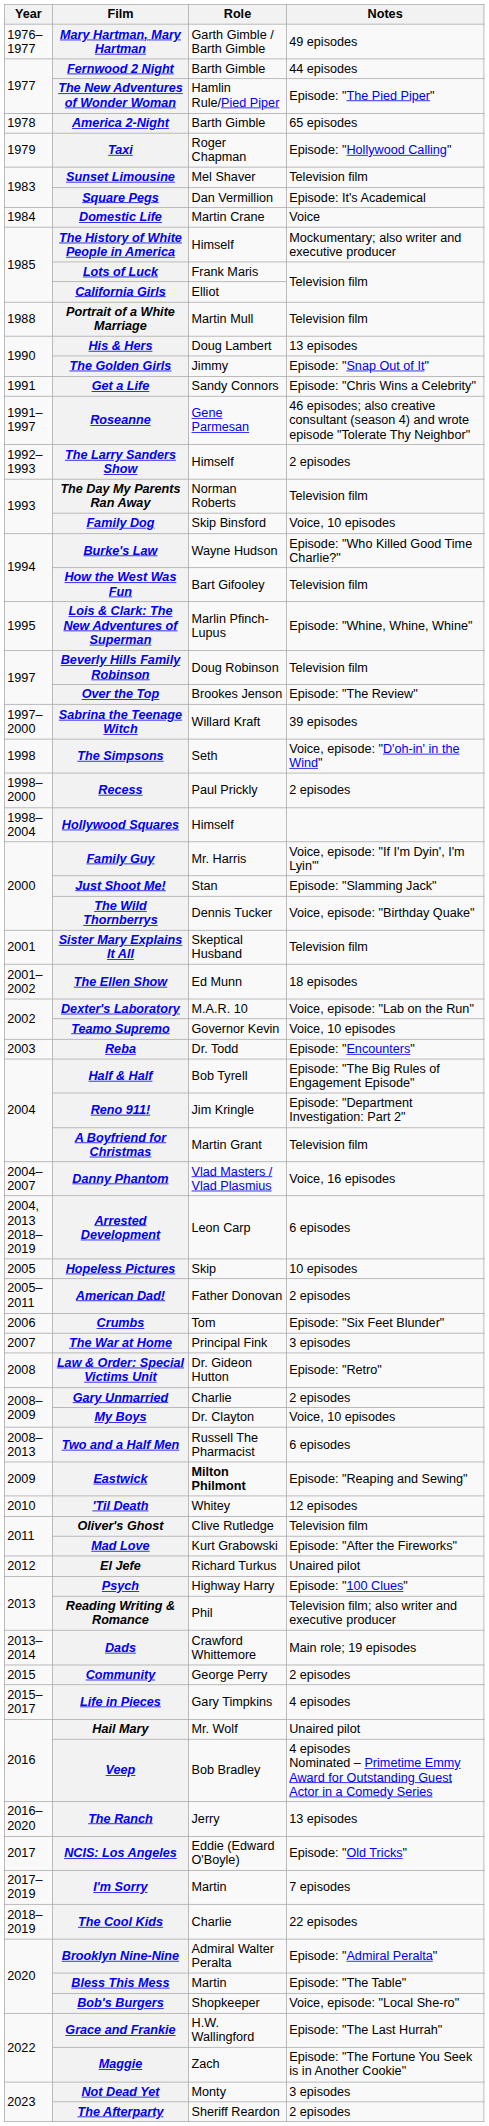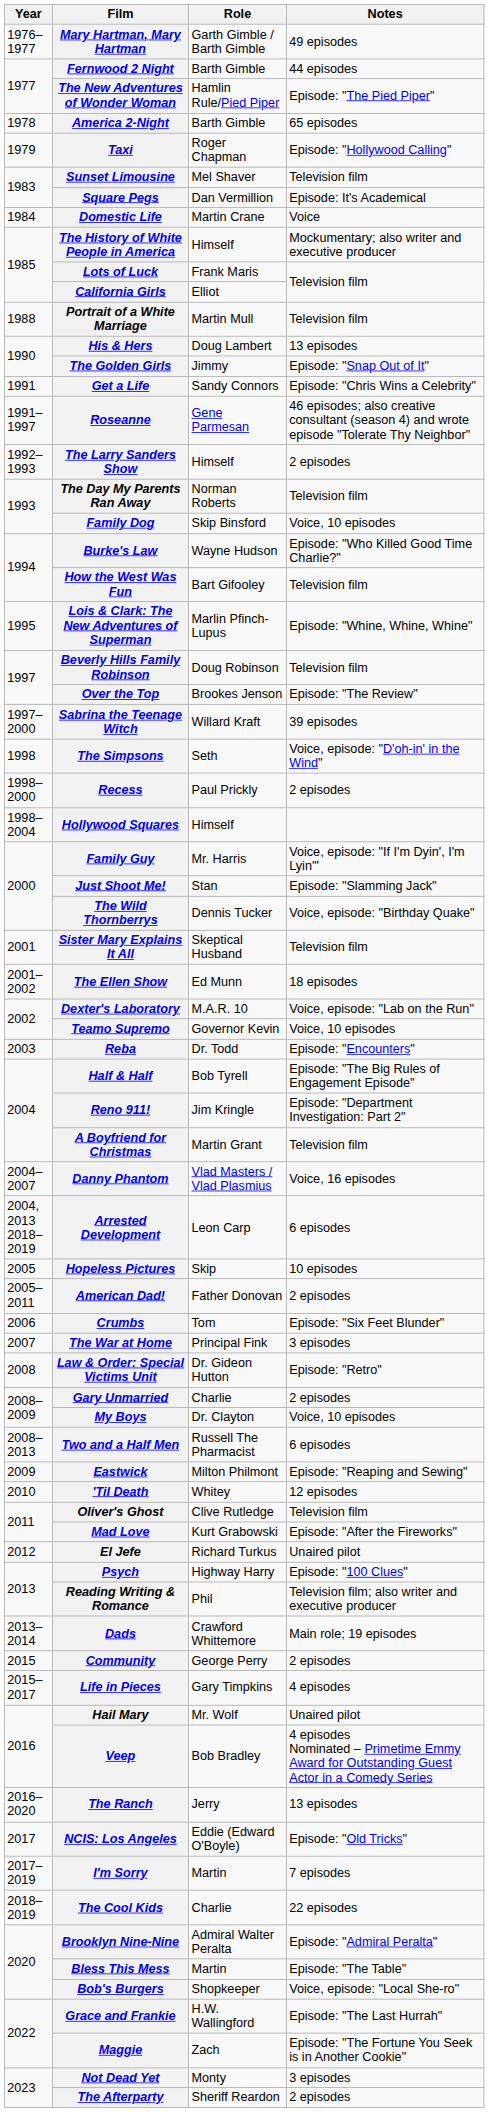 <table class="wikitable sortable plainrowheaders">
 <tr>
 <th scope="col">Year</th>
 <th scope="col">Film</th>
 <th scope="col">Role</th>
 <th scope="col" class="unsortable">Notes</th>
 </tr>
 <tr>
 <td>1976–1977</td>
 <th scope="row"><em><a href='#'>Mary Hartman, Mary Hartman</a></em></th>
 <td>Garth Gimble / Barth Gimble</td>
 <td>49 episodes</td>
 </tr>
 <tr>
 <td rowspan=2>1977</td>
 <th scope="row"><em><a href='#'>Fernwood 2 Night</a></em></th>
 <td>Barth Gimble</td>
 <td>44 episodes</td>
 </tr>
 <tr>
 <th scope="row" data-sort-value="New Adventures of Wonder Woman, The"><em><a href='#'>The New Adventures of Wonder Woman</a></em></th>
 <td>Hamlin Rule/<a href='#'>Pied Piper</a></td>
 <td>Episode: "<a href='#'>The Pied Piper</a>"</td>
 </tr>
 <tr>
 <td>1978</td>
 <th scope="row"><em><a href='#'>America 2-Night</a></em></th>
 <td>Barth Gimble</td>
 <td>65 episodes</td>
 </tr>
 <tr>
 <td>1979</td>
 <th scope="row"><em><a href='#'>Taxi</a></em></th>
 <td>Roger Chapman</td>
 <td>Episode: "<a href='#'>Hollywood Calling</a>"</td>
 </tr>
 <tr>
 <td rowspan=2>1983</td>
 <th scope="row"><em><a href='#'>Sunset Limousine</a></em></th>
 <td>Mel Shaver</td>
 <td>Television film</td>
 </tr>
 <tr>
 <th scope="row"><em><a href='#'>Square Pegs</a></em></th>
 <td>Dan Vermillion</td>
 <td>Episode: It's Academical</td>
 </tr>
 <tr>
 <td>1984</td>
 <th scope="row"><em><a href='#'>Domestic Life</a></em></th>
 <td>Martin Crane</td>
 <td>Voice</td>
 </tr>
 <tr>
 <td rowspan=3>1985</td>
 <th scope="row" data-sort-value="History of White People in America, The"><em><a href='#'>The History of White People in America</a></em></th>
 <td>Himself</td>
 <td>Mockumentary; also writer and executive producer</td>
 </tr>
 <tr>
 <th scope="row"><em><a href='#'>Lots of Luck</a></em></th>
 <td>Frank Maris</td>
 <td rowspan=2>Television film</td>
 </tr>
 <tr>
 <th scope="row"><em><a href='#'>California Girls</a></em></th>
 <td>Elliot</td>
 </tr>
 <tr>
 <td>1988</td>
 <th scope="row"><em>Portrait of a White Marriage</em></th>
 <td>Martin Mull</td>
 <td>Television film</td>
 </tr>
 <tr>
 <td rowspan=2>1990</td>
 <th scope="row"><em><a href='#'>His & Hers</a></em></th>
 <td>Doug Lambert</td>
 <td>13 episodes</td>
 </tr>
 <tr>
 <th scope="row" data-sort-value="Golden Girls, The"><em><a href='#'>The Golden Girls</a></em></th>
 <td>Jimmy</td>
 <td>Episode: "<a href='#'>Snap Out of It</a>"</td>
 </tr>
 <tr>
 <td>1991</td>
 <th scope="row"><em><a href='#'>Get a Life</a></em></th>
 <td>Sandy Connors</td>
 <td>Episode: "Chris Wins a Celebrity"</td>
 </tr>
 <tr>
 <td>1991–1997</td>
 <th scope="row"><em><a href='#'>Roseanne</a></em></th>
 <td><a href='#'>Gene Parmesan</a></td>
 <td>46 episodes; also creative consultant (season 4) and wrote episode "Tolerate Thy Neighbor"</td>
 </tr>
 <tr>
 <td>1992–1993</td>
 <th scope="row" data-sort-value="Larry Sanders Show, The"><em><a href='#'>The Larry Sanders Show</a></em></th>
 <td>Himself</td>
 <td>2 episodes</td>
 </tr>
 <tr>
 <td rowspan=2>1993</td>
 <th scope="row"><em>The Day My Parents Ran Away</em></th>
 <td>Norman Roberts</td>
 <td>Television film</td>
 </tr>
 <tr>
 <th scope="row"><em><a href='#'>Family Dog</a></em></th>
 <td>Skip Binsford</td>
 <td>Voice, 10 episodes</td>
 </tr>
 <tr>
 <td rowspan=2>1994</td>
 <th scope="row"><em><a href='#'>Burke's Law</a></em></th>
 <td>Wayne Hudson</td>
 <td>Episode: "Who Killed Good Time Charlie?"</td>
 </tr>
 <tr>
 <th scope="row"><em><a href='#'>How the West Was Fun</a></em></th>
 <td>Bart Gifooley</td>
 <td>Television film</td>
 </tr>
 <tr>
 <td>1995</td>
 <th scope="row"><em><a href='#'>Lois & Clark: The New Adventures of Superman</a></em></th>
 <td>Marlin Pfinch-Lupus</td>
 <td>Episode: "Whine, Whine, Whine"</td>
 </tr>
 <tr>
 <td rowspan=2>1997</td>
 <th scope="row"><em><a href='#'>Beverly Hills Family Robinson</a></em></th>
 <td>Doug Robinson</td>
 <td>Television film</td>
 </tr>
 <tr>
 <th scope="row"><em><a href='#'>Over the Top</a></em></th>
 <td>Brookes Jenson</td>
 <td>Episode: "The Review"</td>
 </tr>
 <tr>
 <td>1997–2000</td>
 <th scope="row"><em><a href='#'>Sabrina the Teenage Witch</a></em></th>
 <td>Willard Kraft</td>
 <td>39 episodes</td>
 </tr>
 <tr>
 <td>1998</td>
 <th scope="row"><em><a href='#'>The Simpsons</a></em></th>
 <td>Seth</td>
 <td>Voice, episode: "<a href='#'>D'oh-in' in the Wind</a>"</td>
 </tr>
 <tr>
 <td>1998–2000</td>
 <th scope="row"><em><a href='#'>Recess</a></em></th>
 <td>Paul Prickly</td>
 <td>2 episodes</td>
 </tr>
 <tr>
 <td>1998–2004</td>
 <th scope="row"><em><a href='#'>Hollywood Squares</a></em></th>
 <td>Himself</td>
 <td></td>
 </tr>
 <tr>
 <td rowspan=3>2000</td>
 <th scope="row"><em><a href='#'>Family Guy</a></em></th>
 <td>Mr. Harris</td>
 <td>Voice, episode: "If I'm Dyin', I'm Lyin'"</td>
 </tr>
 <tr>
 <th scope="row"><em><a href='#'>Just Shoot Me!</a></em></th>
 <td>Stan</td>
 <td>Episode: "Slamming Jack"</td>
 </tr>
 <tr>
 <th scope="row"><em><a href='#'>The Wild Thornberrys</a></em></th>
 <td>Dennis Tucker</td>
 <td>Voice, episode: "Birthday Quake"</td>
 </tr>
 <tr>
 <td>2001</td>
 <th scope="row"><em><a href='#'>Sister Mary Explains It All</a></em></th>
 <td>Skeptical Husband</td>
 <td>Television film</td>
 </tr>
 <tr>
 <td>2001–2002</td>
 <th scope="row" data-sort-value="Ellen Show, The"><em><a href='#'>The Ellen Show</a></em></th>
 <td>Ed Munn</td>
 <td>18 episodes</td>
 </tr>
 <tr>
 <td rowspan=2>2002</td>
 <th scope="row"><em><a href='#'>Dexter's Laboratory</a></em></th>
 <td>M.A.R. 10</td>
 <td>Voice, episode: "Lab on the Run"</td>
 </tr>
 <tr>
 <th scope="row"><em><a href='#'>Teamo Supremo</a></em></th>
 <td>Governor Kevin</td>
 <td>Voice, 10 episodes</td>
 </tr>
 <tr>
 <td>2003</td>
 <th scope="row"><em><a href='#'>Reba</a></em></th>
 <td>Dr. Todd</td>
 <td>Episode: "<a href='#'>Encounters</a>"</td>
 </tr>
 <tr>
 <td rowspan=3>2004</td>
 <th scope="row"><em><a href='#'>Half & Half</a></em></th>
 <td>Bob Tyrell</td>
 <td>Episode: "The Big Rules of Engagement Episode"</td>
 </tr>
 <tr>
 <th scope="row"><em><a href='#'>Reno 911!</a></em></th>
 <td>Jim Kringle</td>
 <td>Episode: "Department Investigation: Part 2"</td>
 </tr>
 <tr>
 <th scope="row"><em><a href='#'>A Boyfriend for Christmas</a></em></th>
 <td>Martin Grant</td>
 <td>Television film</td>
 </tr>
 <tr>
 <td>2004–2007</td>
 <th scope="row"><em><a href='#'>Danny Phantom</a></em></th>
 <td><a href='#'>Vlad Masters / Vlad Plasmius</a></td>
 <td>Voice, 16 episodes</td>
 </tr>
 <tr>
 <td>2004, 2013<br>2018–2019</td>
 <th scope="row"><em><a href='#'>Arrested Development</a></em></th>
 <td>Leon Carp</td>
 <td>6 episodes</td>
 </tr>
 <tr>
 <td>2005</td>
 <th scope="row"><em><a href='#'>Hopeless Pictures</a></em></th>
 <td>Skip</td>
 <td>10 episodes</td>
 </tr>
 <tr>
 <td>2005–2011</td>
 <th scope="row"><em><a href='#'>American Dad!</a></em></th>
 <td>Father Donovan</td>
 <td>2 episodes</td>
 </tr>
 <tr>
 <td>2006</td>
 <th scope="row"><em><a href='#'>Crumbs</a></em></th>
 <td>Tom</td>
 <td>Episode: "Six Feet Blunder"</td>
 </tr>
 <tr>
 <td>2007</td>
 <th scope="row" data-sort-value="War at Home, The"><em><a href='#'>The War at Home</a></em></th>
 <td>Principal Fink</td>
 <td>3 episodes</td>
 </tr>
 <tr>
 <td>2008</td>
 <th scope="row"><em><a href='#'>Law & Order: Special Victims Unit</a></em></th>
 <td>Dr. Gideon Hutton</td>
 <td>Episode: "Retro"</td>
 </tr>
 <tr>
 <td rowspan=2>2008–2009</td>
 <th scope="row"><em><a href='#'>Gary Unmarried</a></em></th>
 <td>Charlie</td>
 <td>2 episodes</td>
 </tr>
 <tr>
 <th scope="row"><em><a href='#'>My Boys</a></em></th>
 <td>Dr. Clayton</td>
 <td>Voice, 10 episodes</td>
 </tr>
 <tr>
 <td>2008–2013</td>
 <th scope="row"><em><a href='#'>Two and a Half Men</a></em></th>
 <td>Russell The Pharmacist</td>
 <td>6 episodes</td>
 </tr>
 <tr>
 <td>2009</td>
 <th scope="row"><em><a href='#'>Eastwick</a></em></th>
-<td><strong>Milton Philmont</strong></td>
+<td>Milton Philmont</td>
 <td>Episode: "Reaping and Sewing"</td>
 </tr>
 <tr>
 <td>2010</td>
 <th scope="row"><em><a href='#'>'Til Death</a></em></th>
 <td>Whitey</td>
 <td>12 episodes</td>
 </tr>
 <tr>
 <td rowspan=2>2011</td>
 <th scope="row"><em>Oliver's Ghost</em></th>
 <td>Clive Rutledge</td>
 <td>Television film</td>
 </tr>
 <tr>
 <th scope="row"><em><a href='#'>Mad Love</a></em></th>
 <td>Kurt Grabowski</td>
 <td>Episode: "After the Fireworks"</td>
 </tr>
 <tr>
 <td>2012</td>
 <th scope="row"><em>El Jefe</em></th>
 <td>Richard Turkus</td>
 <td>Unaired pilot</td>
 </tr>
 <tr>
 <td rowspan=2>2013</td>
 <th scope="row"><em><a href='#'>Psych</a></em></th>
 <td>Highway Harry</td>
 <td>Episode: "<a href='#'>100 Clues</a>"</td>
 </tr>
 <tr>
 <th scope="row"><em>Reading Writing & Romance</em></th>
 <td>Phil</td>
 <td>Television film; also writer and executive producer</td>
 </tr>
 <tr>
 <td>2013–2014</td>
 <th scope="row"><em><a href='#'>Dads</a></em></th>
 <td>Crawford Whittemore</td>
 <td>Main role; 19 episodes</td>
 </tr>
 <tr>
 <td>2015</td>
 <th scope="row"><em><a href='#'>Community</a></em></th>
 <td>George Perry</td>
 <td>2 episodes</td>
 </tr>
 <tr>
 <td>2015–2017</td>
 <th scope="row"><em><a href='#'>Life in Pieces</a></em></th>
 <td>Gary Timpkins</td>
 <td>4 episodes</td>
 </tr>
 <tr>
 <td rowspan=2>2016</td>
 <th scope="row"><em>Hail Mary</em></th>
 <td>Mr. Wolf</td>
 <td>Unaired pilot</td>
 </tr>
 <tr>
 <th scope="row"><em><a href='#'>Veep</a></em></th>
 <td>Bob Bradley</td>
 <td>4 episodes<br>Nominated – <a href='#'>Primetime Emmy Award for Outstanding Guest Actor in a Comedy Series</a></td>
 </tr>
 <tr>
 <td>2016–2020</td>
 <th scope="row"><em><a href='#'>The Ranch</a></em></th>
 <td>Jerry</td>
 <td>13 episodes</td>
 </tr>
 <tr>
 <td>2017</td>
 <th scope="row"><em><a href='#'>NCIS: Los Angeles</a></em></th>
 <td>Eddie (Edward O'Boyle)</td>
 <td>Episode: "<a href='#'>Old Tricks</a>"</td>
 </tr>
 <tr>
 <td>2017–2019</td>
 <th scope="row"><em><a href='#'>I'm Sorry</a></em></th>
 <td>Martin</td>
 <td>7 episodes</td>
 </tr>
 <tr>
 <td>2018–2019</td>
 <th scope="row"><em><a href='#'>The Cool Kids</a></em></th>
 <td>Charlie</td>
 <td>22 episodes</td>
 </tr>
 <tr>
 <td rowspan=3>2020</td>
 <th scope="row"><em><a href='#'>Brooklyn Nine-Nine</a></em></th>
 <td>Admiral Walter Peralta</td>
 <td>Episode: "<a href='#'>Admiral Peralta</a>"</td>
 </tr>
 <tr>
 <th scope="row"><em><a href='#'>Bless This Mess</a></em></th>
 <td>Martin</td>
 <td>Episode: "The Table"</td>
 </tr>
 <tr>
 <th scope="row"><em><a href='#'>Bob's Burgers</a></em></th>
 <td>Shopkeeper</td>
 <td>Voice, episode: "Local She-ro"</td>
 </tr>
 <tr>
 <td rowspan=2>2022</td>
 <th scope="row"><em><a href='#'>Grace and Frankie</a></em></th>
 <td>H.W. Wallingford</td>
 <td>Episode: "The Last Hurrah"</td>
 </tr>
 <tr>
 <th scope="row"><em><a href='#'>Maggie</a></em></th>
 <td>Zach</td>
 <td>Episode: "The Fortune You Seek is in Another Cookie"</td>
 </tr>
 <tr>
 <td rowspan=2>2023</td>
 <th scope="row"><em><a href='#'>Not Dead Yet</a></em></th>
 <td>Monty</td>
 <td>3 episodes</td>
 </tr>
 <tr>
 <th scope="row"><em><a href='#'>The Afterparty</a></em></th>
 <td>Sheriff Reardon</td>
 <td>2 episodes</td>
 </tr>
 </table>
